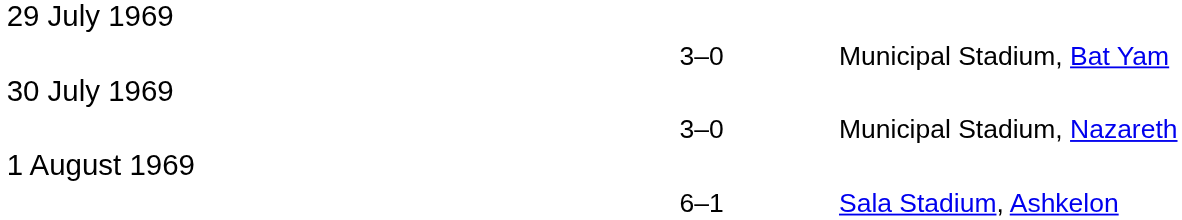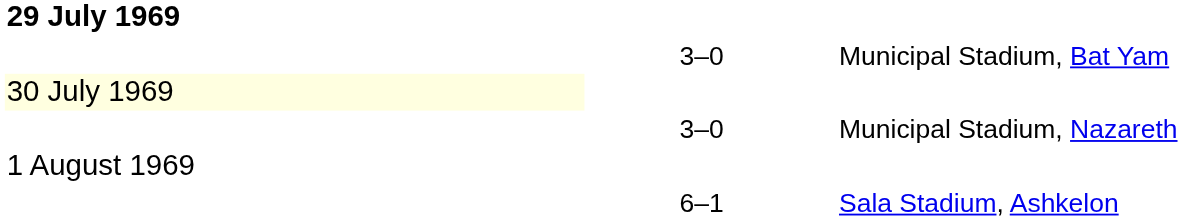 <table style="width:100%;" cellspacing="1">
 <tr>
 <th width=25%></th>
 <th width=10%></th>
 <th></th>
 </tr>
 <tr>
-<td>29 July 1969</td>
+<td><strong>29 July 1969</strong></td>
 </tr>
 <tr>
 </tr>
 <tr style=font-size:90%>
 <td align=right></td>
 <td align=center>3–0</td>
 <td></td>
 <td>Municipal Stadium, <a href='#'>Bat Yam</a></td>
 </tr>
 <tr>
-<td>30 July 1969</td>
+<td style="background: lightyellow;">30 July 1969</td>
 </tr>
 <tr style=font-size:90%>
 <td align=right></td>
 <td align=center>3–0</td>
 <td></td>
 <td>Municipal Stadium, <a href='#'>Nazareth</a></td>
 </tr>
 <tr>
 <td>1 August 1969</td>
 </tr>
 <tr style=font-size:90%>
 <td align=right></td>
 <td align=center>6–1</td>
 <td></td>
 <td><a href='#'>Sala Stadium</a>, <a href='#'>Ashkelon</a></td>
 </tr>
 </table>
